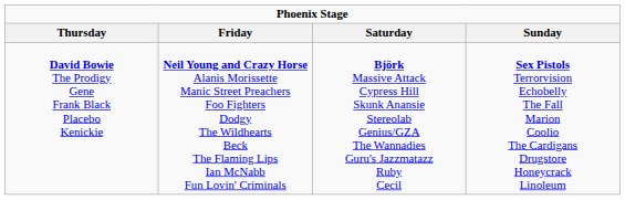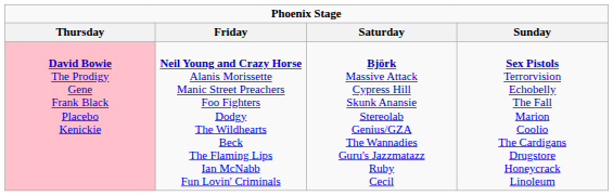 <table class="wikitable">
 <tr>
 <td colspan="4" style="text-align:center;"><strong>Phoenix Stage</strong></td>
 </tr>
 <tr>
 <th>Thursday</th>
 <th>Friday</th>
 <th>Saturday</th>
 <th>Sunday</th>
 </tr>
 <tr>
-<td style="text-align:center; vertical-align:top; width:200px;"><br><strong><a href='#'>David Bowie</a></strong><br> <a href='#'>The Prodigy</a><br> <a href='#'>Gene</a><br> <a href='#'>Frank Black</a><br> <a href='#'>Placebo</a><br> <a href='#'>Kenickie</a></td>
+<td style="background: pink; text-align:center; vertical-align:top; width:200px;"><br><strong><a href='#'>David Bowie</a></strong><br> <a href='#'>The Prodigy</a><br> <a href='#'>Gene</a><br> <a href='#'>Frank Black</a><br> <a href='#'>Placebo</a><br> <a href='#'>Kenickie</a></td>
 <td style="text-align:center; vertical-align:top; width:200px;"><br><strong><a href='#'>Neil Young and Crazy Horse</a></strong><br> <a href='#'>Alanis Morissette</a><br> <a href='#'>Manic Street Preachers</a><br> <a href='#'>Foo Fighters</a><br> <a href='#'>Dodgy</a><br> <a href='#'>The Wildhearts</a><br> <a href='#'>Beck</a><br> <a href='#'>The Flaming Lips</a><br> <a href='#'>Ian McNabb</a><br> <a href='#'>Fun Lovin' Criminals</a></td>
 <td style="text-align:center; vertical-align:top; width:200px;"><br><strong><a href='#'>Björk</a></strong><br> <a href='#'>Massive Attack</a><br> <a href='#'>Cypress Hill</a><br> <a href='#'>Skunk Anansie</a><br> <a href='#'>Stereolab</a><br> <a href='#'>Genius/GZA</a><br> <a href='#'>The Wannadies</a><br> <a href='#'>Guru's Jazzmatazz</a><br> <a href='#'>Ruby</a><br> <a href='#'>Cecil</a></td>
 <td style="text-align:center; vertical-align:top; width:200px;"><br><strong><a href='#'>Sex Pistols</a></strong><br> <a href='#'>Terrorvision</a><br> <a href='#'>Echobelly</a><br> <a href='#'>The Fall</a><br> <a href='#'>Marion</a><br> <a href='#'>Coolio</a><br> <a href='#'>The Cardigans</a><br> <a href='#'>Drugstore</a><br> <a href='#'>Honeycrack</a><br> <a href='#'>Linoleum</a></td>
 </tr>
 </table>
